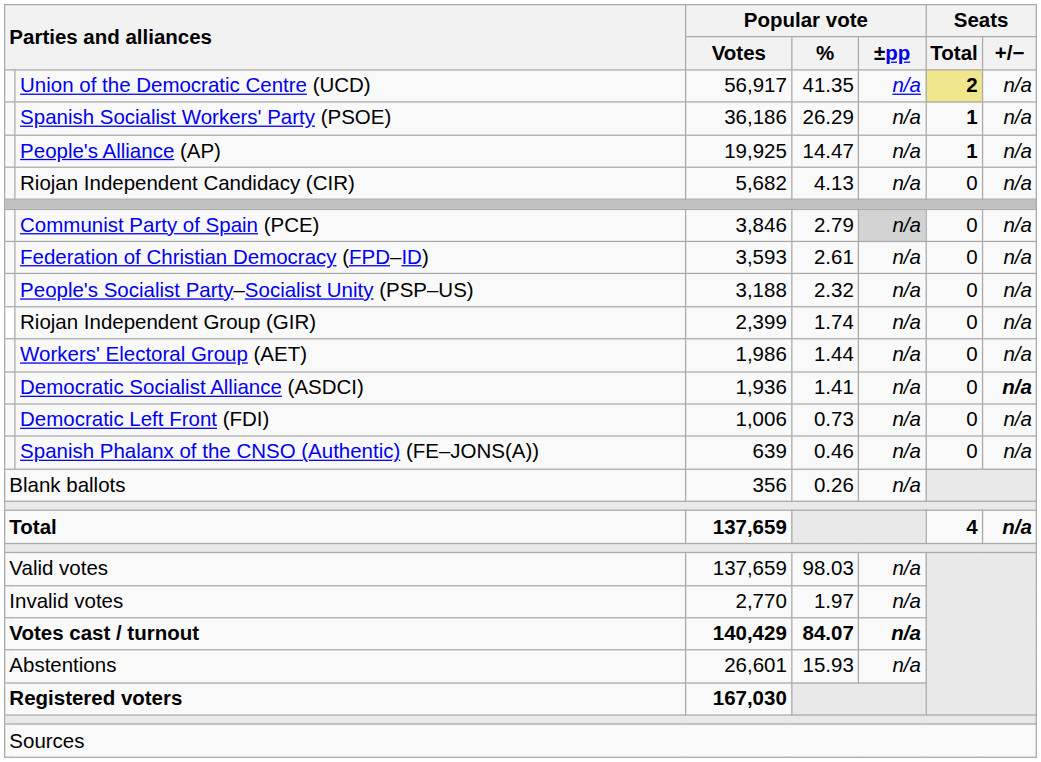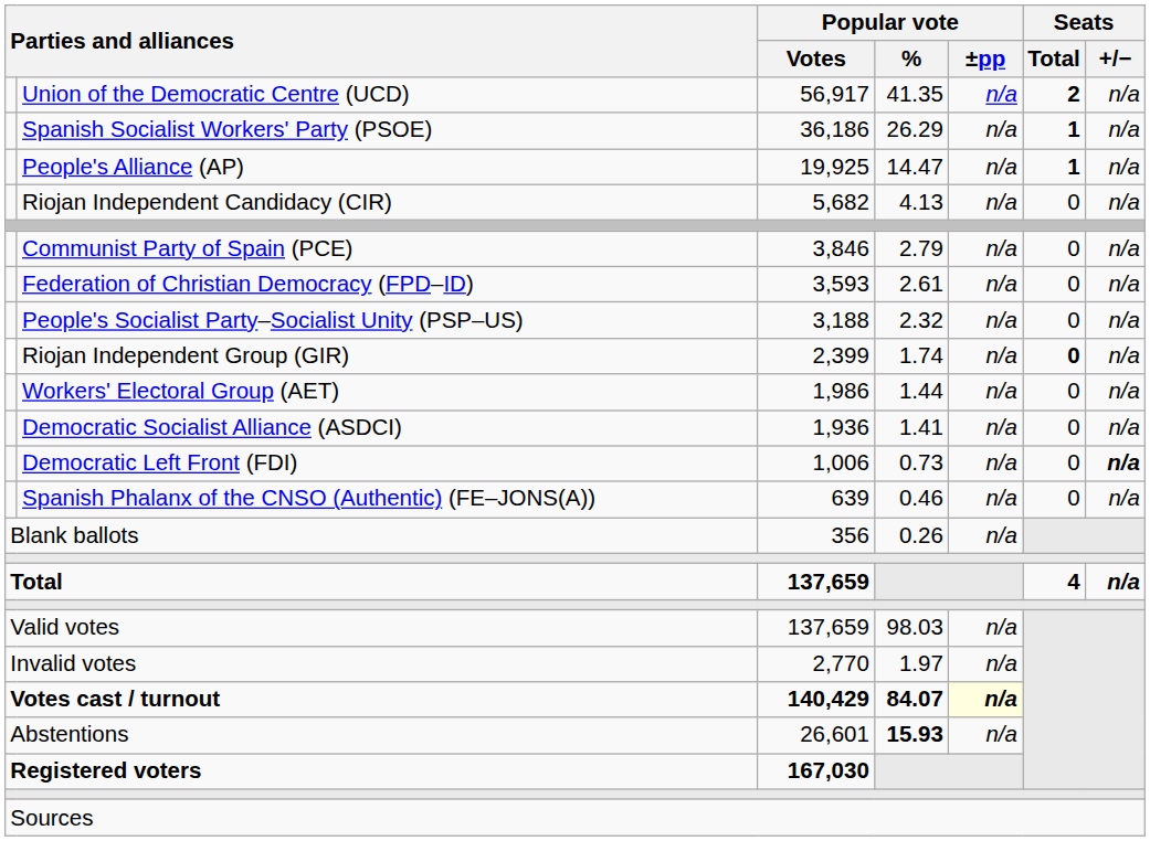 <table class="wikitable" style="text-align:right;">
 <tr>
 <th style="text-align:left;" rowspan="2" colspan="2" width="525">Parties and alliances</th>
 <th colspan="3">Popular vote</th>
 <th colspan="2">Seats</th>
 </tr>
 <tr>
 <th width="75">Votes</th>
 <th width="45">%</th>
 <th width="45">±<a href='#'>pp</a></th>
 <th width="35">Total</th>
 <th width="35">+/−</th>
 </tr>
 <tr>
 <td width="1" style="color:inherit;background:"></td>
 <td align="left"><a href='#'>Union of the Democratic Centre</a> (UCD)</td>
 <td>56,917</td>
 <td>41.35</td>
 <td><em><a href='#'>n/a</a></em></td>
-<td style="background: khaki;"><strong>2</strong></td>
+<td><strong>2</strong></td>
 <td><em>n/a</em></td>
 </tr>
 <tr>
 <td style="color:inherit;background:"></td>
 <td align="left"><a href='#'>Spanish Socialist Workers' Party</a> (PSOE)</td>
 <td>36,186</td>
 <td>26.29</td>
 <td><em>n/a</em></td>
 <td><strong>1</strong></td>
 <td><em>n/a</em></td>
 </tr>
 <tr>
 <td style="color:inherit;background:"></td>
 <td align="left"><a href='#'>People's Alliance</a> (AP)</td>
 <td>19,925</td>
 <td>14.47</td>
 <td><em>n/a</em></td>
 <td><strong>1</strong></td>
 <td><em>n/a</em></td>
 </tr>
 <tr>
 <td style="color:inherit;background:"></td>
 <td align="left">Riojan Independent Candidacy (CIR)</td>
 <td>5,682</td>
 <td>4.13</td>
 <td><em>n/a</em></td>
 <td>0</td>
 <td><em>n/a</em></td>
 </tr>
 <tr>
 <td colspan="7" bgcolor="#C0C0C0"></td>
 </tr>
 <tr>
 <td style="color:inherit;background:"></td>
 <td align="left"><a href='#'>Communist Party of Spain</a> (PCE)</td>
 <td>3,846</td>
 <td>2.79</td>
-<td style="background: lightgrey;"><em>n/a</em></td>
+<td><em>n/a</em></td>
 <td>0</td>
 <td><em>n/a</em></td>
 </tr>
 <tr>
 <td style="color:inherit;background:"></td>
 <td align="left"><a href='#'>Federation of Christian Democracy</a> (<a href='#'>FPD</a>–<a href='#'>ID</a>)</td>
 <td>3,593</td>
 <td>2.61</td>
 <td><em>n/a</em></td>
 <td>0</td>
 <td><em>n/a</em></td>
 </tr>
 <tr>
 <td style="color:inherit;background:"></td>
 <td align="left"><a href='#'>People's Socialist Party</a>–<a href='#'>Socialist Unity</a> (PSP–US)</td>
 <td>3,188</td>
 <td>2.32</td>
 <td><em>n/a</em></td>
 <td>0</td>
 <td><em>n/a</em></td>
 </tr>
 <tr>
 <td bgcolor="white"></td>
 <td align="left">Riojan Independent Group (GIR)</td>
 <td>2,399</td>
 <td>1.74</td>
 <td><em>n/a</em></td>
-<td>0</td>
+<td><strong>0</strong></td>
 <td><em>n/a</em></td>
 </tr>
 <tr>
 <td style="color:inherit;background:"></td>
 <td align="left"><a href='#'>Workers' Electoral Group</a> (AET)</td>
 <td>1,986</td>
 <td>1.44</td>
 <td><em>n/a</em></td>
 <td>0</td>
 <td><em>n/a</em></td>
 </tr>
 <tr>
 <td style="color:inherit;background:"></td>
 <td align="left"><a href='#'>Democratic Socialist Alliance</a> (ASDCI)</td>
 <td>1,936</td>
 <td>1.41</td>
 <td><em>n/a</em></td>
 <td>0</td>
-<td><strong><em>n/a</em></strong></td>
+<td><em>n/a</em></td>
 </tr>
 <tr>
 <td style="color:inherit;background:"></td>
 <td align="left"><a href='#'>Democratic Left Front</a> (FDI)</td>
 <td>1,006</td>
 <td>0.73</td>
 <td><em>n/a</em></td>
 <td>0</td>
-<td><em>n/a</em></td>
+<td><strong><em>n/a</em></strong></td>
 </tr>
 <tr>
 <td style="color:inherit;background:"></td>
 <td align="left"><a href='#'>Spanish Phalanx of the CNSO (Authentic)</a> (FE–JONS(A))</td>
 <td>639</td>
 <td>0.46</td>
 <td><em>n/a</em></td>
 <td>0</td>
 <td><em>n/a</em></td>
 </tr>
 <tr>
 <td align="left" colspan="2">Blank ballots</td>
 <td>356</td>
 <td>0.26</td>
 <td><em>n/a</em></td>
 <td bgcolor="#E9E9E9" colspan="2"></td>
 </tr>
 <tr>
 <td colspan="7" bgcolor="#E9E9E9"></td>
 </tr>
 <tr style="font-weight:bold;">
 <td align="left" colspan="2">Total</td>
 <td>137,659</td>
 <td bgcolor="#E9E9E9" colspan="2"></td>
 <td>4</td>
 <td><em>n/a</em></td>
 </tr>
 <tr>
 <td colspan="7" bgcolor="#E9E9E9"></td>
 </tr>
 <tr>
 <td align="left" colspan="2">Valid votes</td>
 <td>137,659</td>
 <td>98.03</td>
 <td><em>n/a</em></td>
 <td bgcolor="#E9E9E9" colspan="2" rowspan="5"></td>
 </tr>
 <tr>
 <td align="left" colspan="2">Invalid votes</td>
 <td>2,770</td>
 <td>1.97</td>
 <td><em>n/a</em></td>
 </tr>
 <tr style="font-weight:bold;">
 <td align="left" colspan="2">Votes cast / turnout</td>
 <td>140,429</td>
 <td>84.07</td>
-<td><em>n/a</em></td>
+<td style="background: lightyellow;"><em>n/a</em></td>
 </tr>
 <tr>
 <td align="left" colspan="2">Abstentions</td>
 <td>26,601</td>
-<td>15.93</td>
+<td><strong>15.93</strong></td>
 <td><em>n/a</em></td>
 </tr>
 <tr style="font-weight:bold;">
 <td align="left" colspan="2">Registered voters</td>
 <td>167,030</td>
 <td bgcolor="#E9E9E9" colspan="2"></td>
 </tr>
 <tr>
 <td colspan="7" bgcolor="#E9E9E9"></td>
 </tr>
 <tr>
 <td align="left" colspan="7">Sources</td>
 </tr>
 </table>
